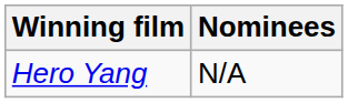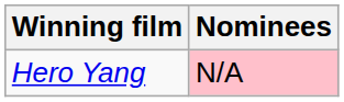 <table class="wikitable">
 <tr>
 <th>Winning film</th>
 <th>Nominees</th>
 </tr>
 <tr>
 <td><em><a href='#'>Hero Yang</a></em></td>
-<td>N/A</td>
+<td style="background: pink;">N/A</td>
 </tr>
 </table>
